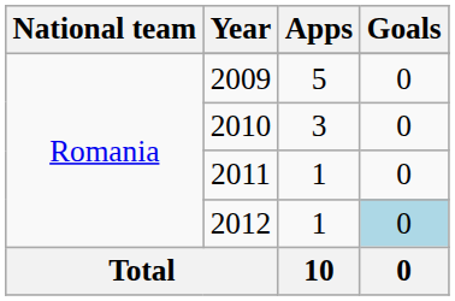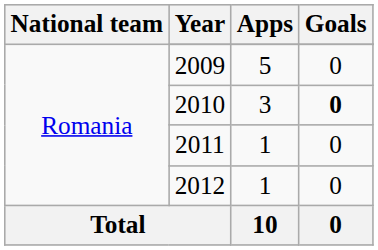 <table class="wikitable" style="text-align: center;">
 <tr>
 <th>National team</th>
 <th>Year</th>
 <th>Apps</th>
 <th>Goals</th>
 </tr>
 <tr>
 <td rowspan="5"><a href='#'>Romania</a></td>
 </tr>
 <tr>
 <td>2009</td>
 <td>5</td>
 <td>0</td>
 </tr>
 <tr>
 <td>2010</td>
 <td>3</td>
-<td>0</td>
+<td><strong>0</strong></td>
 </tr>
 <tr>
 <td>2011</td>
 <td>1</td>
 <td>0</td>
 </tr>
 <tr>
 <td>2012</td>
 <td>1</td>
-<td style="background: lightblue;">0</td>
+<td>0</td>
 </tr>
 <tr>
 <th colspan=2>Total</th>
 <th>10</th>
 <th>0</th>
 </tr>
 </table>
